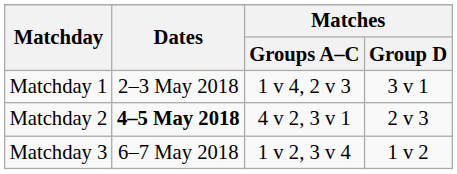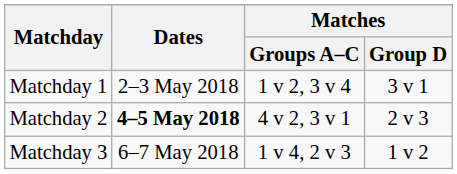 <table class="wikitable" style="text-align:center">
 <tr>
 </tr>
 <tr>
 <th rowspan=2>Matchday</th>
 <th rowspan=2>Dates</th>
 <th colspan=2>Matches</th>
 </tr>
 <tr>
 <th>Groups A–C</th>
 <th>Group D</th>
 </tr>
 <tr>
 <td>Matchday 1</td>
 <td>2–3 May 2018</td>
-<td>1 v 4, 2 v 3</td>
+<td>1 v 2, 3 v 4</td>
 <td>3 v 1</td>
 </tr>
 <tr>
 <td>Matchday 2</td>
 <td><strong>4–5 May 2018</strong></td>
 <td>4 v 2, 3 v 1</td>
 <td>2 v 3</td>
 </tr>
 <tr>
 <td>Matchday 3</td>
 <td>6–7 May 2018</td>
-<td>1 v 2, 3 v 4</td>
+<td>1 v 4, 2 v 3</td>
 <td>1 v 2</td>
 </tr>
 </table>
